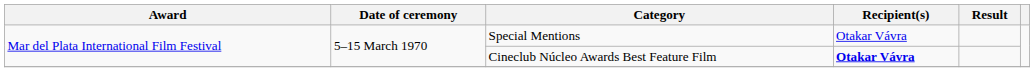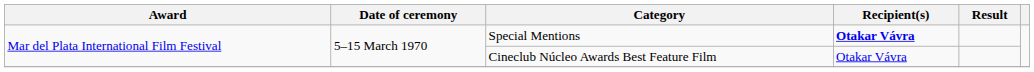 <table class="wikitable sortable" style="width: 99%;">
 <tr>
 <th scope="col">Award</th>
 <th scope="col">Date of ceremony</th>
 <th scope="col">Category</th>
 <th scope="col">Recipient(s)</th>
 <th scope="col">Result</th>
 <th scope="col" class="unsortable"></th>
 </tr>
 <tr>
 <td rowspan="2"><a href='#'>Mar del Plata International Film Festival</a></td>
 <td rowspan="2">5–15 March 1970</td>
 <td>Special Mentions</td>
-<td><a href='#'>Otakar Vávra</a></td>
+<td><strong><a href='#'>Otakar Vávra</a></strong></td>
 <td></td>
 <td rowspan="2"></td>
 </tr>
 <tr>
 <td>Cineclub Núcleo Awards Best Feature Film</td>
-<td><strong><a href='#'>Otakar Vávra</a></strong></td>
+<td><a href='#'>Otakar Vávra</a></td>
 <td></td>
 </tr>
 <tr>
 </tr>
 </table>
